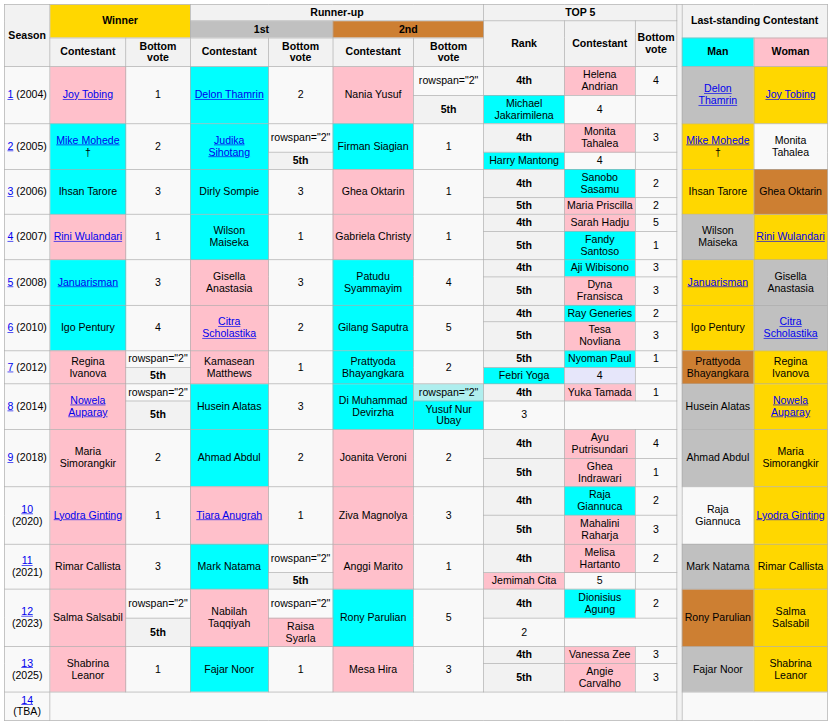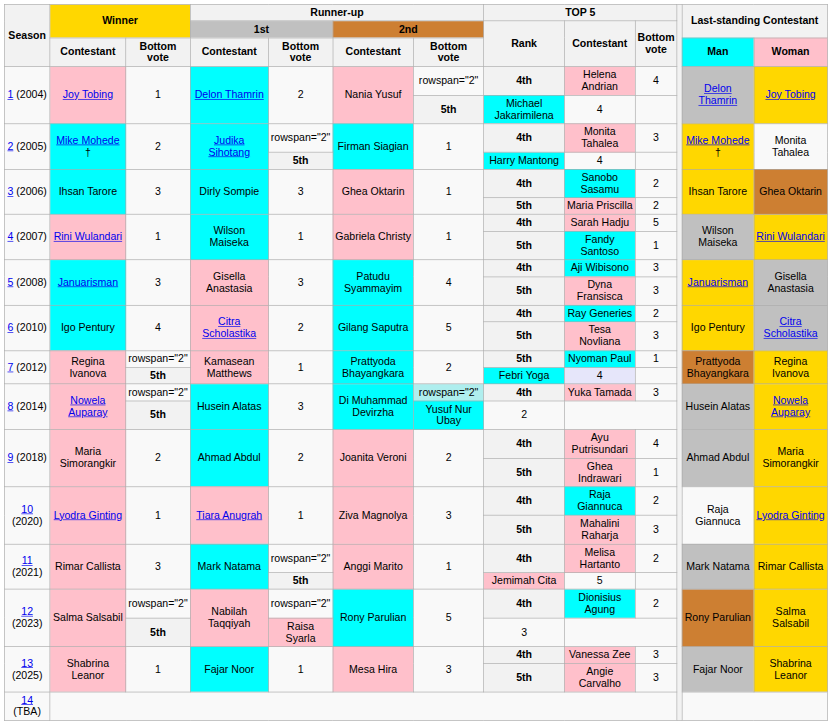 <table class="wikitable" style="text-align:center;">
 <tr>
 <th rowspan="3">Season</th>
 <th colspan="2" rowspan="2" style="background:gold;">Winner</th>
 <th colspan="4">Runner-up</th>
 <th colspan="3">TOP 5</th>
 <th rowspan="31"></th>
 <th colspan="2" rowspan="2">Last-standing Contestant</th>
 </tr>
 <tr>
 <th colspan="2" style="background:silver;">1st</th>
 <th colspan="2" style="background:#cd7f32;">2nd</th>
 <th rowspan="2">Rank</th>
 <th rowspan="2">Contestant</th>
 <th rowspan="2">Bottom<br>vote</th>
 </tr>
 <tr>
 <th>Contestant</th>
 <th>Bottom<br>vote</th>
 <th>Contestant</th>
 <th>Bottom<br>vote</th>
 <th>Contestant</th>
 <th>Bottom<br>vote</th>
 <th style="background:cyan;">Man</th>
 <th style="background:pink;">Woman</th>
 </tr>
 <tr>
 <td rowspan="2"><a href='#'>1</a> (2004)</td>
 <td rowspan="2" style="background:pink"><a href='#'>Joy Tobing</a></td>
 <td rowspan="2">1</td>
 <td rowspan="2" style="background:cyan"><a href='#'>Delon Thamrin</a></td>
 <td rowspan="2">2</td>
 <td rowspan="2" style="background:pink">Nania Yusuf</td>
 <td>rowspan="2" </td>
 <th>4th</th>
 <td style="background:pink">Helena Andrian</td>
 <td>4</td>
 <td rowspan="2" style="background:silver;"><a href='#'>Delon Thamrin</a></td>
 <td rowspan="2" style="background:gold;"><a href='#'>Joy Tobing</a></td>
 </tr>
 <tr>
 <th>5th</th>
 <td style="background:cyan">Michael Jakarimilena</td>
 <td>4</td>
 </tr>
 <tr>
 <td rowspan="2"><a href='#'>2</a> (2005)</td>
 <td rowspan="2" style="background:cyan"><a href='#'>Mike Mohede</a> †</td>
 <td rowspan="2">2</td>
 <td rowspan="2" style="background:cyan"><a href='#'>Judika Sihotang</a></td>
 <td>rowspan="2" </td>
 <td rowspan="2" style="background:cyan">Firman Siagian</td>
 <td rowspan="2">1</td>
 <th>4th</th>
 <td style="background:pink">Monita Tahalea</td>
 <td>3</td>
 <td rowspan="2" style="background:gold;"><a href='#'>Mike Mohede</a> †</td>
 <td rowspan="2">Monita Tahalea</td>
 </tr>
 <tr>
 <th>5th</th>
 <td style="background:cyan">Harry Mantong</td>
 <td>4</td>
 </tr>
 <tr>
 <td rowspan="2"><a href='#'>3</a> (2006)</td>
 <td rowspan="2" style="background:cyan">Ihsan Tarore</td>
 <td rowspan="2">3</td>
 <td rowspan="2" style="background:cyan">Dirly Sompie</td>
 <td rowspan="2">3</td>
 <td rowspan="2" style="background:pink">Ghea Oktarin</td>
 <td rowspan="2">1</td>
 <th>4th</th>
 <td style="background:cyan">Sanobo Sasamu</td>
 <td>2</td>
 <td rowspan="2" style="background:gold;">Ihsan Tarore</td>
 <td rowspan="2" style="background:#cd7f32;">Ghea Oktarin</td>
 </tr>
 <tr>
 <th>5th</th>
 <td style="background:pink">Maria Priscilla</td>
 <td>2</td>
 </tr>
 <tr>
 <td rowspan="2"><a href='#'>4</a> (2007)</td>
 <td rowspan="2" style="background:pink"><a href='#'>Rini Wulandari</a></td>
 <td rowspan="2">1</td>
 <td rowspan="2" style="background:cyan">Wilson Maiseka</td>
 <td rowspan="2">1</td>
 <td rowspan="2" style="background:pink">Gabriela Christy</td>
 <td rowspan="2">1</td>
 <th>4th</th>
 <td style="background:pink">Sarah Hadju</td>
 <td>5</td>
 <td rowspan="2" style="background:silver;">Wilson Maiseka</td>
 <td rowspan="2" style="background:gold;"><a href='#'>Rini Wulandari</a></td>
 </tr>
 <tr>
 <th>5th</th>
 <td style="background:cyan">Fandy Santoso</td>
 <td>1</td>
 </tr>
 <tr>
 <td rowspan="2"><a href='#'>5</a> (2008)</td>
 <td rowspan="2" style="background:cyan"><a href='#'>Januarisman</a></td>
 <td rowspan="2">3</td>
 <td rowspan="2" style="background:pink">Gisella Anastasia</td>
 <td rowspan="2">3</td>
 <td rowspan="2" style="background:cyan">Patudu Syammayim</td>
 <td rowspan="2">4</td>
 <th>4th</th>
 <td style="background:cyan">Aji Wibisono</td>
 <td>3</td>
 <td rowspan="2" style="background:gold;"><a href='#'>Januarisman</a></td>
 <td rowspan="2" style="background:silver;">Gisella Anastasia</td>
 </tr>
 <tr>
 <th>5th</th>
 <td style="background:pink">Dyna Fransisca</td>
 <td>3</td>
 </tr>
 <tr>
 <td rowspan="2"><a href='#'>6</a> (2010)</td>
 <td rowspan="2" style="background:cyan">Igo Pentury</td>
 <td rowspan="2">4</td>
 <td rowspan="2" style="background:pink"><a href='#'>Citra Scholastika</a></td>
 <td rowspan="2">2</td>
 <td rowspan="2" style="background:cyan">Gilang Saputra</td>
 <td rowspan="2">5</td>
 <th>4th</th>
 <td style="background:cyan">Ray Generies</td>
 <td>2</td>
 <td rowspan="2" style="background:gold;">Igo Pentury</td>
 <td rowspan="2" style="background:silver;"><a href='#'>Citra Scholastika</a></td>
 </tr>
 <tr>
 <th>5th</th>
 <td style="background:pink">Tesa Novliana</td>
 <td>3</td>
 </tr>
 <tr>
 <td rowspan="2"><a href='#'>7</a> (2012)</td>
 <td rowspan="2" style="background:pink">Regina Ivanova</td>
 <td>rowspan="2" </td>
 <td rowspan="2" style="background:pink">Kamasean Matthews</td>
 <td rowspan="2">1</td>
 <td rowspan="2" style="background:cyan">Prattyoda<br>Bhayangkara</td>
 <td rowspan="2">2</td>
 <th>5th</th>
 <td style="background:cyan">Nyoman Paul</td>
 <td>1</td>
 <td rowspan="2" style="background:#cd7f32;">Prattyoda<br>Bhayangkara</td>
 <td rowspan="2" style="background:gold;">Regina Ivanova</td>
 </tr>
 <tr>
 <th>5th</th>
 <td style="background:cyan">Febri Yoga</td>
 <td style="background: lavender;">4</td>
 </tr>
 <tr>
 <td rowspan="2"><a href='#'>8</a> (2014)</td>
 <td rowspan="2" style="background:pink"><a href='#'>Nowela Auparay</a></td>
 <td>rowspan="2" </td>
 <td rowspan="2" style="background:cyan">Husein Alatas</td>
 <td rowspan="2">3</td>
 <td rowspan="2" style="background:cyan">Di Muhammad<br>Devirzha</td>
 <td style="background: paleturquoise;">rowspan="2" </td>
 <th>4th</th>
 <td style="background:pink">Yuka Tamada</td>
-<td>1</td>
+<td>3</td>
 <td rowspan="2" style="background:silver;">Husein Alatas</td>
 <td rowspan="2" style="background:gold;"><a href='#'>Nowela Auparay</a></td>
 </tr>
 <tr>
 <th>5th</th>
 <td style="background:cyan">Yusuf Nur Ubay</td>
-<td>3</td>
+<td>2</td>
 </tr>
 <tr>
 <td rowspan="2"><a href='#'>9</a> (2018)</td>
 <td rowspan="2" style="background:pink">Maria Simorangkir</td>
 <td rowspan="2">2</td>
 <td rowspan="2" style="background:cyan">Ahmad Abdul</td>
 <td rowspan="2">2</td>
 <td rowspan="2" style="background:pink">Joanita Veroni</td>
 <td rowspan="2">2</td>
 <th>4th</th>
 <td style="background:pink">Ayu Putrisundari</td>
 <td>4</td>
 <td rowspan="2" style="background:silver;">Ahmad Abdul</td>
 <td rowspan="2" style="background:gold;">Maria Simorangkir</td>
 </tr>
 <tr>
 <th>5th</th>
 <td style="background:pink">Ghea Indrawari</td>
 <td>1</td>
 </tr>
 <tr>
 <td rowspan="2"><a href='#'>10</a> (2020)</td>
 <td rowspan="2" style="background:pink"><a href='#'>Lyodra Ginting</a></td>
 <td rowspan="2">1</td>
 <td rowspan="2" style="background:pink"><a href='#'>Tiara Anugrah</a></td>
 <td rowspan="2">1</td>
 <td rowspan="2" style="background:pink">Ziva Magnolya</td>
 <td rowspan="2">3</td>
 <th>4th</th>
 <td style="background:cyan">Raja Giannuca</td>
 <td>2</td>
 <td rowspan="2">Raja Giannuca</td>
 <td rowspan="2" style="background:gold;"><a href='#'>Lyodra Ginting</a></td>
 </tr>
 <tr>
 <th>5th</th>
 <td style="background:pink">Mahalini Raharja</td>
 <td>3</td>
 </tr>
 <tr>
 <td rowspan="2"><a href='#'>11</a> (2021)</td>
 <td rowspan="2" style="background:pink">Rimar Callista</td>
 <td rowspan="2">3</td>
 <td rowspan="2" style="background:cyan">Mark Natama</td>
 <td>rowspan="2" </td>
 <td rowspan="2" style="background:pink">Anggi Marito</td>
 <td rowspan="2">1</td>
 <th>4th</th>
 <td style="background:pink">Melisa Hartanto</td>
 <td>2</td>
 <td rowspan="2" style="background:silver;">Mark Natama</td>
 <td rowspan="2" style="background:gold;">Rimar Callista</td>
 </tr>
 <tr>
 <th>5th</th>
 <td style="background:pink">Jemimah Cita</td>
 <td>5</td>
 </tr>
 <tr>
 <td rowspan="2"><a href='#'>12</a> (2023)</td>
 <td rowspan="2" style="background:pink">Salma Salsabil</td>
 <td>rowspan="2" </td>
 <td rowspan="2" style="background:pink">Nabilah Taqqiyah</td>
 <td>rowspan="2" </td>
 <td rowspan="2" style="background:cyan">Rony Parulian</td>
 <td rowspan="2">5</td>
 <th>4th</th>
 <td style="background:cyan">Dionisius Agung</td>
 <td>2</td>
 <td rowspan="2" style="background:#cd7f32;">Rony Parulian</td>
 <td rowspan="2" style="background:gold;">Salma Salsabil</td>
 </tr>
 <tr>
 <th>5th</th>
 <td style="background:pink">Raisa Syarla</td>
-<td>2</td>
+<td>3</td>
 </tr>
 <tr>
 <td rowspan="2"><a href='#'>13</a> (2025)</td>
 <td rowspan="2" style="background:pink">Shabrina Leanor</td>
 <td rowspan="2">1</td>
 <td rowspan="2" style="background:cyan">Fajar Noor</td>
 <td rowspan="2">1</td>
 <td rowspan="2" style="background:pink">Mesa Hira</td>
 <td rowspan="2">3</td>
 <th>4th</th>
 <td style="background:pink">Vanessa Zee</td>
 <td>3</td>
 <td rowspan="2" style="background:silver">Fajar Noor</td>
 <td rowspan="2" style="background:gold">Shabrina Leanor</td>
 </tr>
 <tr>
 <th>5th</th>
 <td style="background:pink">Angie Carvalho</td>
 <td>3</td>
 </tr>
 <tr>
 <td rowspan="2"><a href='#'>14</a> (TBA)</td>
 </tr>
 </table>
